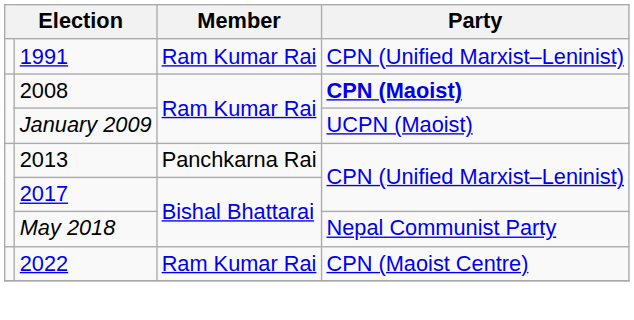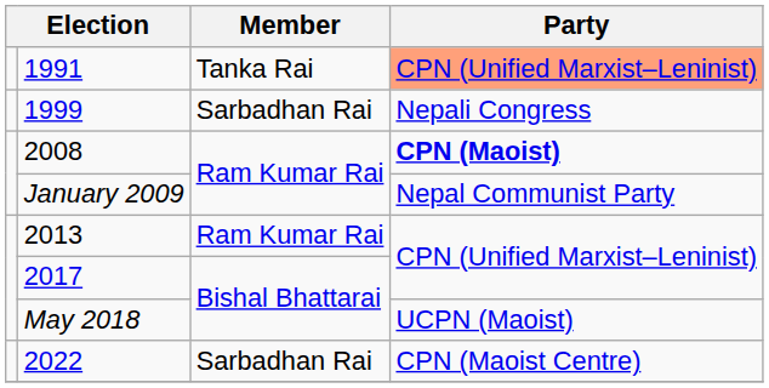 <table class="wikitable">
 <tr>
 <th colspan="2">Election</th>
 <th>Member</th>
 <th>Party</th>
 </tr>
 <tr>
 <td style="background-color:"></td>
 <td><a href='#'>1991</a></td>
-<td><a href='#'>Ram Kumar Rai</a></td>
-<td><a href='#'>CPN (Unified Marxist–Leninist)</a></td>
+<td>Tanka Rai</td>
+<td style="background: lightsalmon;"><a href='#'>CPN (Unified Marxist–Leninist)</a></td>
+</tr>
+<tr>
+<td style="background-color:"></td>
+<td><a href='#'>1999</a></td>
+<td>Sarbadhan Rai</td>
+<td><a href='#'>Nepali Congress</a></td>
 </tr>
 <tr>
 <td rowspan="2" style="background-color:"></td>
 <td>2008</td>
 <td rowspan="2"><a href='#'>Ram Kumar Rai</a></td>
 <td><strong><a href='#'>CPN (Maoist)</a></strong></td>
 </tr>
 <tr>
 <td><em>January 2009</em></td>
-<td><a href='#'>UCPN (Maoist)</a></td>
+<td><a href='#'>Nepal Communist Party</a></td>
 </tr>
 <tr>
 <td rowspan="3" style="background-color:"></td>
 <td>2013</td>
-<td>Panchkarna Rai</td>
+<td><a href='#'>Ram Kumar Rai</a></td>
 <td rowspan="2"><a href='#'>CPN (Unified Marxist–Leninist)</a></td>
 </tr>
 <tr>
 <td><a href='#'>2017</a></td>
 <td rowspan="2"><a href='#'>Bishal Bhattarai</a></td>
 </tr>
 <tr>
 <td><em>May 2018</em></td>
-<td><a href='#'>Nepal Communist Party</a></td>
+<td><a href='#'>UCPN (Maoist)</a></td>
 </tr>
 <tr>
 <td></td>
 <td><a href='#'>2022</a></td>
-<td><a href='#'>Ram Kumar Rai</a></td>
+<td>Sarbadhan Rai</td>
 <td><a href='#'>CPN (Maoist Centre)</a></td>
 </tr>
 <tr>
 </tr>
 </table>
